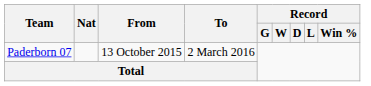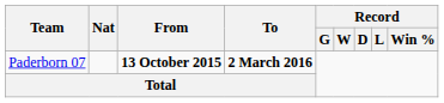 <table class="wikitable" style="text-align: center">
 <tr>
 <th rowspan="2">Team</th>
 <th rowspan="2">Nat</th>
 <th rowspan="2">From</th>
 <th rowspan="2">To</th>
 <th colspan="5">Record</th>
 </tr>
 <tr>
 <th>G</th>
 <th>W</th>
 <th>D</th>
 <th>L</th>
 <th>Win %</th>
 </tr>
 <tr>
 <td align=left><a href='#'>Paderborn 07</a></td>
 <td></td>
-<td align=left>13 October 2015</td>
-<td align=left>2 March 2016<br></td>
+<td align=left><strong>13 October 2015</strong></td>
+<td align=left><strong>2 March 2016<br></strong></td>
 </tr>
 <tr>
 <th colspan="4">Total<br></th>
 </tr>
 </table>
